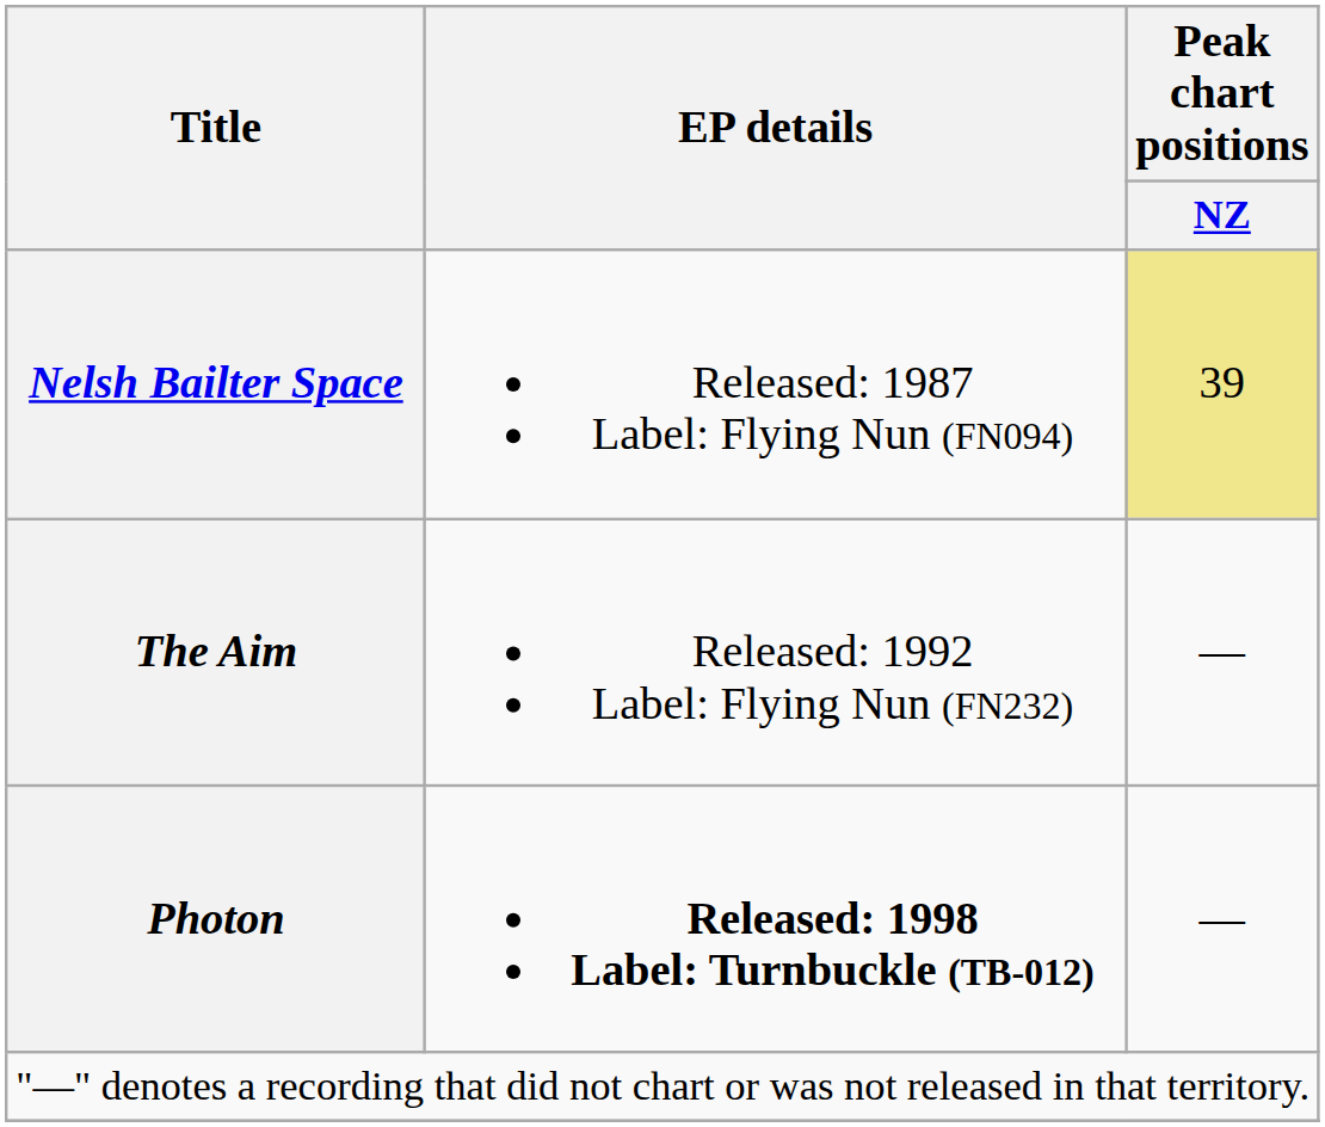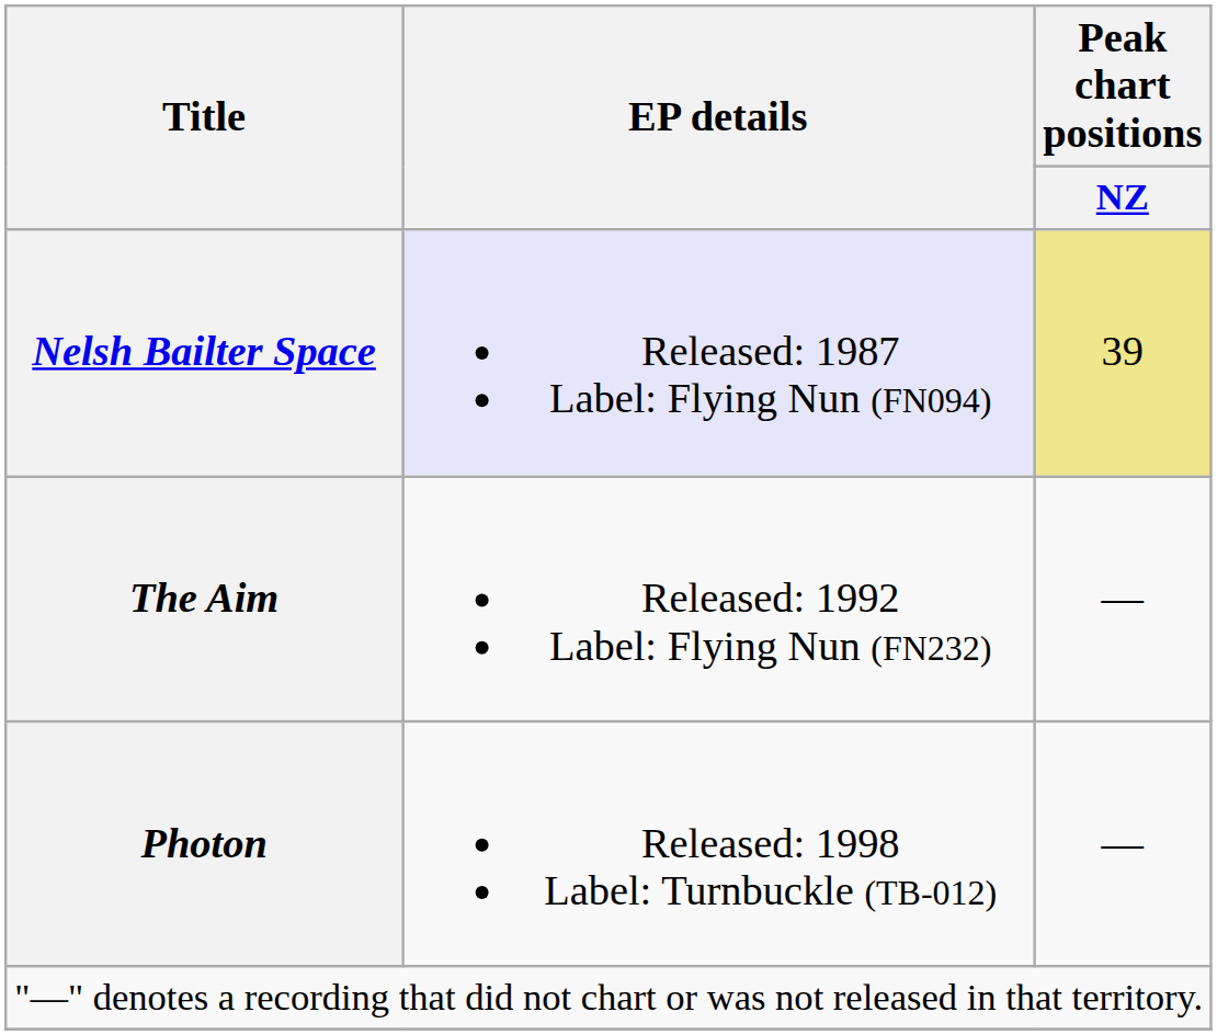 <table class="wikitable plainrowheaders" style="text-align: center;">
 <tr>
 <th scope="col" rowspan="2">Title</th>
 <th scope="col" rowspan="2">EP details</th>
 <th scope="col" colspan="1">Peak chart<br>positions</th>
 </tr>
 <tr>
 <th scope="col" style="width:3em; font-size:90%"><a href='#'>NZ</a><br></th>
 </tr>
 <tr>
 <th scope="row"><em><a href='#'>Nelsh Bailter Space</a></em></th>
-<td><br><ul><li>Released: 1987</li><li>Label: Flying Nun <small>(FN094)</small></li></ul></td>
+<td style="background: lavender;"><br><ul><li>Released: 1987</li><li>Label: Flying Nun <small>(FN094)</small></li></ul></td>
 <td style="background: khaki;">39</td>
 </tr>
 <tr>
 <th scope="row"><em>The Aim</em></th>
 <td><br><ul><li>Released: 1992</li><li>Label: Flying Nun <small>(FN232)</small></li></ul></td>
 <td>—</td>
 </tr>
 <tr>
 <th scope="row"><em>Photon</em></th>
-<td><strong><br><ul><li>Released: 1998</li><li>Label: Turnbuckle <small>(TB-012)</small></li></ul></strong></td>
+<td><br><ul><li>Released: 1998</li><li>Label: Turnbuckle <small>(TB-012)</small></li></ul></td>
 <td>—</td>
 </tr>
 <tr>
 <td colspan="4" style="font-size:90%" align="center">"—" denotes a recording that did not chart or was not released in that territory.</td>
 </tr>
 <tr>
 </tr>
 </table>
